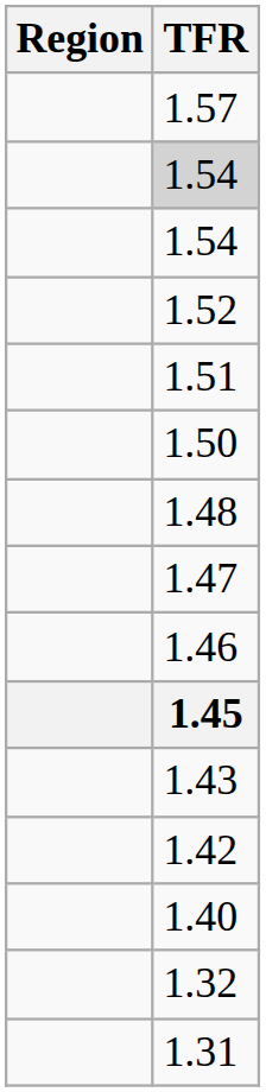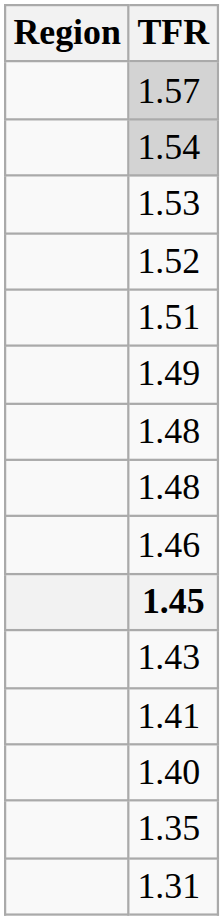 <table class="wikitable sortable">
 <tr>
 <th>Region</th>
 <th>TFR</th>
 </tr>
 <tr>
 <td></td>
-<td>1.57</td>
+<td style="background: lightgrey;">1.57</td>
 </tr>
 <tr>
 <td></td>
 <td style="background: lightgrey;">1.54</td>
 </tr>
 <tr>
 <td></td>
-<td>1.54</td>
+<td>1.53</td>
 </tr>
 <tr>
 <td></td>
 <td>1.52</td>
 </tr>
 <tr>
 <td></td>
 <td>1.51</td>
 </tr>
 <tr>
 <td></td>
-<td>1.50</td>
+<td>1.49</td>
 </tr>
 <tr>
 <td></td>
 <td>1.48</td>
 </tr>
 <tr>
 <td></td>
-<td>1.47</td>
+<td>1.48</td>
 </tr>
 <tr>
 <td></td>
 <td>1.46</td>
 </tr>
 <tr>
 <th></th>
 <th>1.45</th>
 </tr>
 <tr>
 <td></td>
 <td>1.43</td>
 </tr>
 <tr>
 <td></td>
-<td>1.42</td>
+<td>1.41</td>
 </tr>
 <tr>
 <td></td>
 <td>1.40</td>
 </tr>
 <tr>
 <td></td>
-<td>1.32</td>
+<td>1.35</td>
 </tr>
 <tr>
 <td></td>
 <td>1.31</td>
 </tr>
 </table>
